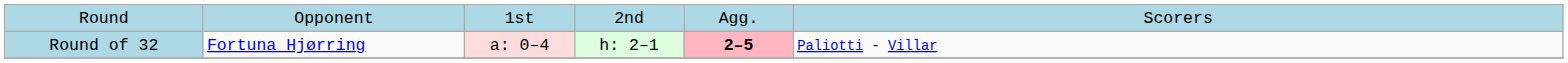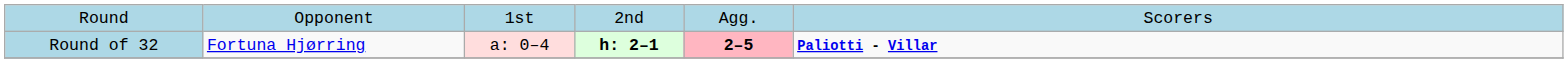 <table class="wikitable" style="text-align:center">
 <tr bgcolor=lightblue>
 <td width=150px>Round</td>
 <td width=200px>Opponent</td>
 <td width=80px>1st</td>
 <td width=80px>2nd</td>
 <td width=80px>Agg.</td>
 <td width=600px>Scorers</td>
 </tr>
 <tr>
 <td bgcolor=lightblue>Round of 32</td>
 <td align=left> <a href='#'>Fortuna Hjørring</a></td>
 <td bgcolor="#ffdddd">a: 0–4</td>
-<td bgcolor="#ddffdd">h: 2–1</td>
+<td bgcolor="#ddffdd"><strong>h: 2–1</strong></td>
 <td bgcolor=lightpink><strong>2–5</strong></td>
-<td align=left><small><a href='#'>Paliotti</a> - <a href='#'>Villar</a></small></td>
+<td align=left><strong><small><a href='#'>Paliotti</a> - <a href='#'>Villar</a></small></strong></td>
 </tr>
 <tr>
 </tr>
 </table>
